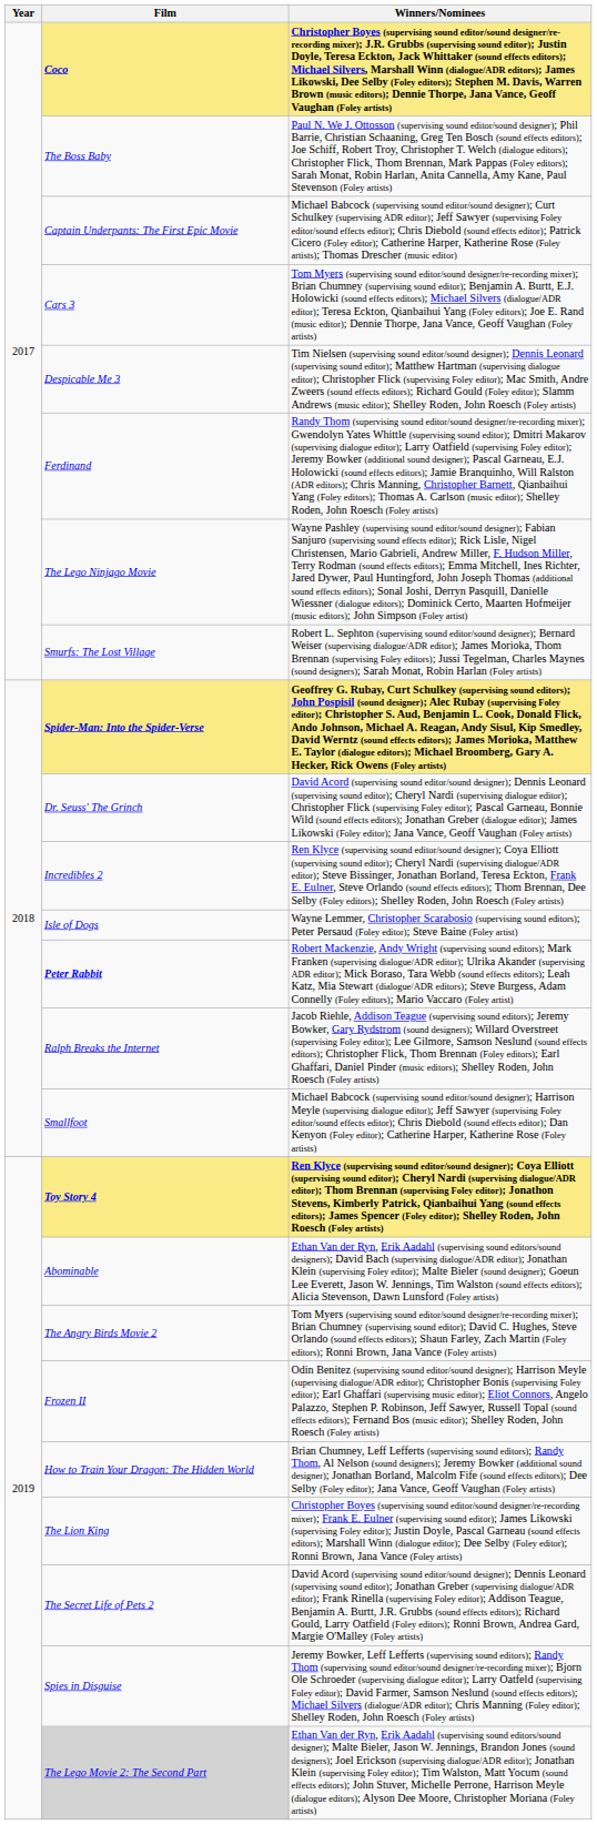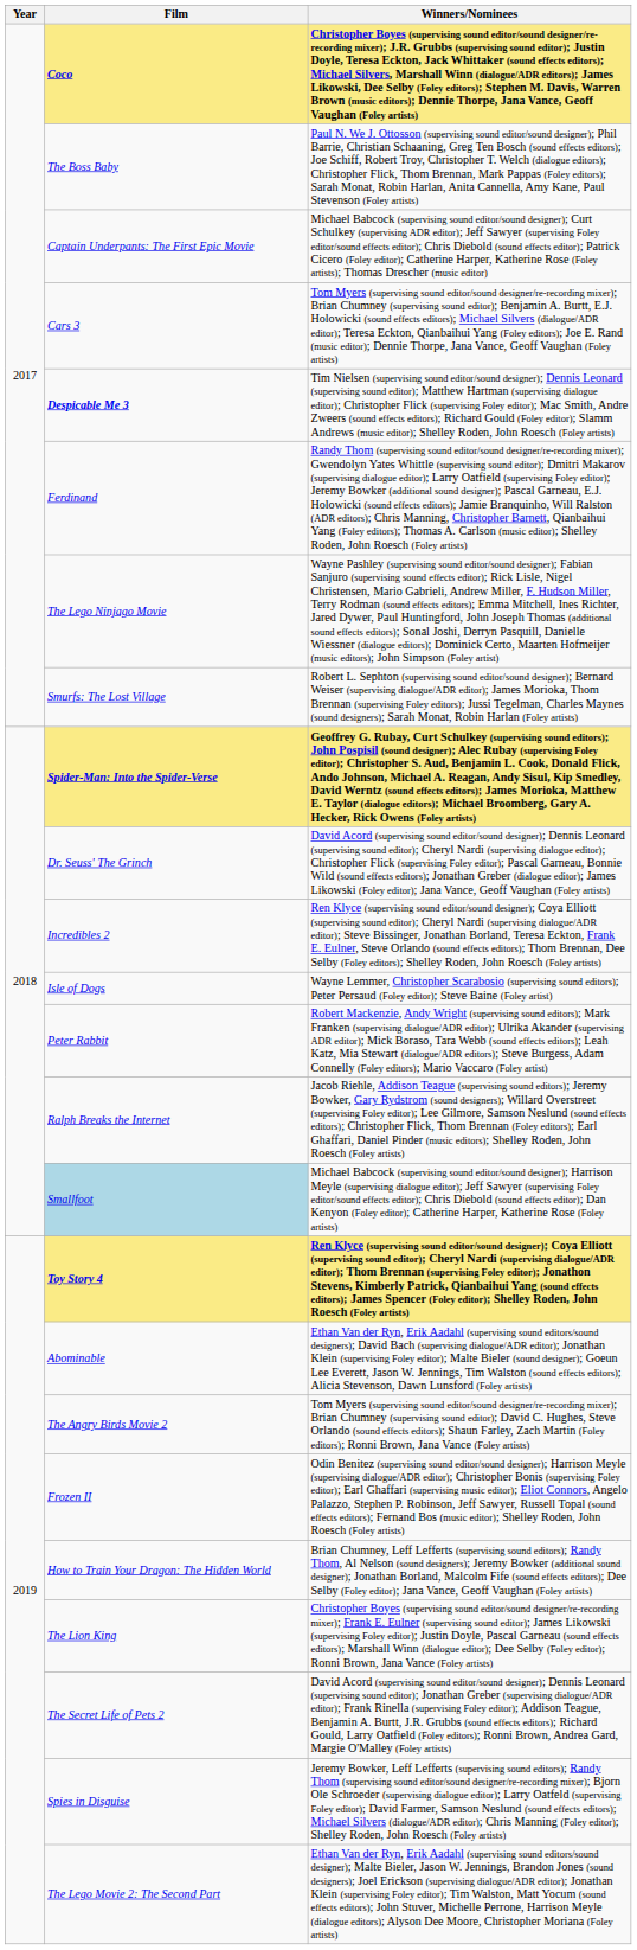 <table class="wikitable" width="95%" cellpadding="5">
 <tr>
 <th width="6%">Year</th>
 <th width="40%">Film</th>
 <th width="49%">Winners/Nominees</th>
 </tr>
 <tr>
 <td rowspan=8 style="text-align:center">2017<br></td>
 <td style="background:#FAEB86;"><strong><em><a href='#'>Coco</a></em></strong></td>
 <td style="background:#FAEB86;"><strong><a href='#'>Christopher Boyes</a> <small>(supervising sound editor/sound designer/re-recording mixer)</small>; J.R. Grubbs <small>(supervising sound editor)</small>; Justin Doyle, Teresa Eckton, Jack Whittaker <small>(sound effects editors)</small>; <a href='#'>Michael Silvers</a>, Marshall Winn <small>(dialogue/ADR editors)</small>; James Likowski, Dee Selby <small>(Foley editors)</small>; Stephen M. Davis, Warren Brown <small>(music editors)</small>; Dennie Thorpe, Jana Vance, Geoff Vaughan <small>(Foley artists)</small></strong></td>
 </tr>
 <tr>
 <td><em><a href='#'>The Boss Baby</a></em></td>
 <td><a href='#'>Paul N. We J. Ottosson</a> <small>(supervising sound editor/sound designer)</small>; Phil Barrie, Christian Schaaning, Greg Ten Bosch <small>(sound effects editors)</small>; Joe Schiff, Robert Troy, Christopher T. Welch <small>(dialogue editors)</small>; Christopher Flick, Thom Brennan, Mark Pappas <small>(Foley editors)</small>; Sarah Monat, Robin Harlan, Anita Cannella, Amy Kane, Paul Stevenson <small>(Foley artists)</small></td>
 </tr>
 <tr>
 <td><em><a href='#'>Captain Underpants: The First Epic Movie</a></em></td>
 <td>Michael Babcock <small>(supervising sound editor/sound designer)</small>; Curt Schulkey <small>(supervising ADR editor)</small>; Jeff Sawyer <small>(supervising Foley editor/sound effects editor)</small>; Chris Diebold <small>(sound effects editor)</small>; Patrick Cicero <small>(Foley editor)</small>; Catherine Harper, Katherine Rose <small>(Foley artists)</small>; Thomas Drescher <small>(music editor)</small></td>
 </tr>
 <tr>
 <td><em><a href='#'>Cars 3</a></em></td>
 <td><a href='#'>Tom Myers</a> <small>(supervising sound editor/sound designer/re-recording mixer)</small>; Brian Chumney <small>(supervising sound editor)</small>; Benjamin A. Burtt, E.J. Holowicki <small>(sound effects editors)</small>; <a href='#'>Michael Silvers</a> <small>(dialogue/ADR editor)</small>; Teresa Eckton, Qianbaihui Yang <small>(Foley editors)</small>; Joe E. Rand <small>(music editor)</small>; Dennie Thorpe, Jana Vance, Geoff Vaughan <small>(Foley artists)</small></td>
 </tr>
 <tr>
-<td><em><a href='#'>Despicable Me 3</a></em></td>
+<td><strong><em><a href='#'>Despicable Me 3</a></em></strong></td>
 <td>Tim Nielsen <small>(supervising sound editor/sound designer)</small>; <a href='#'>Dennis Leonard</a> <small>(supervising sound editor)</small>; Matthew Hartman <small>(supervising dialogue editor)</small>; Christopher Flick <small>(supervising Foley editor)</small>; Mac Smith, Andre Zweers <small>(sound effects editors)</small>; Richard Gould <small>(Foley editor)</small>; Slamm Andrews <small>(music editor)</small>; Shelley Roden, John Roesch <small>(Foley artists)</small></td>
 </tr>
 <tr>
 <td><em><a href='#'>Ferdinand</a></em></td>
 <td><a href='#'>Randy Thom</a> <small>(supervising sound editor/sound designer/re-recording mixer)</small>; Gwendolyn Yates Whittle <small>(supervising sound editor)</small>; Dmitri Makarov <small>(supervising dialogue editor)</small>; Larry Oatfield <small>(supervising Foley editor)</small>; Jeremy Bowker <small>(additional sound designer)</small>; Pascal Garneau, E.J. Holowicki <small>(sound effects editors)</small>; Jamie Branquinho, Will Ralston <small>(ADR editors)</small>; Chris Manning, <a href='#'>Christopher Barnett</a>, Qianbaihui Yang <small>(Foley editors)</small>;  Thomas A. Carlson <small>(music editor)</small>; Shelley Roden, John Roesch <small>(Foley artists)</small></td>
 </tr>
 <tr>
 <td><em><a href='#'>The Lego Ninjago Movie</a></em></td>
 <td>Wayne Pashley <small>(supervising sound editor/sound designer)</small>; Fabian Sanjuro <small>(supervising sound effects editor)</small>; Rick Lisle, Nigel Christensen, Mario Gabrieli, Andrew Miller, <a href='#'>F. Hudson Miller</a>, Terry Rodman <small>(sound effects editors)</small>; Emma Mitchell, Ines Richter, Jared Dywer, Paul Huntingford, John Joseph Thomas <small>(additional sound effects editors)</small>; Sonal Joshi, Derryn Pasquill, Danielle Wiessner <small>(dialogue editors)</small>; Dominick Certo, Maarten Hofmeijer <small>(music editors)</small>; John Simpson <small>(Foley artist)</small></td>
 </tr>
 <tr>
 <td><em><a href='#'>Smurfs: The Lost Village</a></em></td>
 <td>Robert L. Sephton <small>(supervising sound editor/sound designer)</small>; Bernard Weiser <small>(supervising dialogue/ADR editor)</small>; James Morioka, Thom Brennan <small>(supervising Foley editors)</small>; Jussi Tegelman, Charles Maynes <small>(sound designers)</small>; Sarah Monat, Robin Harlan <small>(Foley artists)</small></td>
 </tr>
 <tr>
 <td rowspan=7 style="text-align:center">2018<br></td>
 <td style="background:#FAEB86;"><strong><em><a href='#'>Spider-Man: Into the Spider-Verse</a></em></strong></td>
 <td style="background:#FAEB86;"><strong>Geoffrey G. Rubay, Curt Schulkey <small>(supervising sound editors)</small>; <a href='#'>John Pospisil</a> <small>(sound designer)</small>; Alec Rubay <small>(supervising Foley editor)</small>; Christopher S. Aud, Benjamin L. Cook, Donald Flick, Ando Johnson, Michael A. Reagan, Andy Sisul, Kip Smedley, David Werntz <small>(sound effects editors)</small>; James Morioka, Matthew E. Taylor <small>(dialogue editors)</small>; Michael Broomberg, Gary A. Hecker, Rick Owens <small>(Foley artists)</small></strong></td>
 </tr>
 <tr>
 <td><em><a href='#'>Dr. Seuss' The Grinch</a></em></td>
 <td><a href='#'>David Acord</a> <small>(supervising sound editor/sound designer)</small>; Dennis Leonard <small>(supervising sound editor)</small>; Cheryl Nardi <small>(supervising dialogue editor)</small>; Christopher Flick <small>(supervising Foley editor)</small>; Pascal Garneau, Bonnie Wild <small>(sound effects editors)</small>; Jonathan Greber <small>(dialogue editor)</small>; James Likowski <small>(Foley editor)</small>; Jana Vance, Geoff Vaughan <small>(Foley artists)</small></td>
 </tr>
 <tr>
 <td><em><a href='#'>Incredibles 2</a></em></td>
 <td><a href='#'>Ren Klyce</a> <small>(supervising sound editor/sound designer)</small>; Coya Elliott <small>(supervising sound editor)</small>; Cheryl Nardi <small>(supervising dialogue/ADR editor)</small>; Steve Bissinger, Jonathan Borland, Teresa Eckton, <a href='#'>Frank E. Eulner</a>, Steve Orlando <small>(sound effects editors)</small>; Thom Brennan, Dee Selby <small>(Foley editors)</small>; Shelley Roden, John Roesch <small>(Foley artists)</small></td>
 </tr>
 <tr>
 <td><em><a href='#'>Isle of Dogs</a></em></td>
 <td>Wayne Lemmer, <a href='#'>Christopher Scarabosio</a> <small>(supervising sound editors)</small>; Peter Persaud <small>(Foley editor)</small>; Steve Baine <small>(Foley artist)</small></td>
 </tr>
 <tr>
-<td><strong><em><a href='#'>Peter Rabbit</a></em></strong></td>
+<td><em><a href='#'>Peter Rabbit</a></em></td>
 <td><a href='#'>Robert Mackenzie</a>, <a href='#'>Andy Wright</a> <small>(supervising sound editors)</small>; Mark Franken <small>(supervising dialogue/ADR editor)</small>; Ulrika Akander <small>(supervising ADR editor)</small>; Mick Boraso, Tara Webb <small>(sound effects editors)</small>; Leah Katz, Mia Stewart <small>(dialogue/ADR editors)</small>; Steve Burgess, Adam Connelly <small>(Foley editors)</small>; Mario Vaccaro <small>(Foley artist)</small></td>
 </tr>
 <tr>
 <td><em><a href='#'>Ralph Breaks the Internet</a></em></td>
 <td>Jacob Riehle, <a href='#'>Addison Teague</a> <small>(supervising sound editors)</small>; Jeremy Bowker, <a href='#'>Gary Rydstrom</a> <small>(sound designers)</small>; Willard Overstreet <small>(supervising Foley editor)</small>; Lee Gilmore, Samson Neslund <small>(sound effects editors)</small>; Christopher Flick, Thom Brennan <small>(Foley editors)</small>; Earl Ghaffari, Daniel Pinder <small>(music editors)</small>; Shelley Roden, John Roesch <small>(Foley artists)</small></td>
 </tr>
 <tr>
-<td><em><a href='#'>Smallfoot</a></em></td>
+<td style="background: lightblue;"><em><a href='#'>Smallfoot</a></em></td>
 <td>Michael Babcock <small>(supervising sound editor/sound designer)</small>; Harrison Meyle <small>(supervising dialogue editor)</small>; Jeff Sawyer <small>(supervising Foley editor/sound effects editor)</small>; Chris Diebold <small>(sound effects editor)</small>; Dan Kenyon <small>(Foley editor)</small>; Catherine Harper, Katherine Rose <small>(Foley artists)</small></td>
 </tr>
 <tr>
 <td rowspan=9 style="text-align:center">2019<br></td>
 <td style="background:#FAEB86;"><strong><em><a href='#'>Toy Story 4</a></em></strong></td>
 <td style="background:#FAEB86;"><strong><a href='#'>Ren Klyce</a> <small>(supervising sound editor/sound designer)</small>; Coya Elliott <small>(supervising sound editor)</small>;  Cheryl Nardi <small>(supervising dialogue/ADR editor)</small>; Thom Brennan <small>(supervising Foley editor)</small>; Jonathon Stevens, Kimberly Patrick, Qianbaihui Yang <small>(sound effects editors)</small>; James Spencer <small>(Foley editor)</small>; Shelley Roden, John Roesch <small>(Foley artists)</small></strong></td>
 </tr>
 <tr>
 <td><em><a href='#'>Abominable</a></em></td>
 <td><a href='#'>Ethan Van der Ryn</a>, <a href='#'>Erik Aadahl</a> <small>(supervising sound editors/sound designers)</small>; David Bach <small>(supervising dialogue/ADR editor)</small>; Jonathan Klein <small>(supervising Foley editor)</small>; Malte Bieler <small>(sound designer)</small>; Goeun Lee Everett, Jason W. Jennings, Tim Walston <small>(sound effects editors)</small>; Alicia Stevenson, Dawn Lunsford <small>(Foley artists)</small></td>
 </tr>
 <tr>
 <td><em><a href='#'>The Angry Birds Movie 2</a></em></td>
 <td>Tom Myers <small>(supervising sound editor/sound designer/re-recording mixer)</small>; Brian Chumney <small>(supervising sound editor)</small>; David C. Hughes, Steve Orlando <small>(sound effects editors)</small>; Shaun Farley, Zach Martin <small>(Foley editors)</small>; Ronni Brown, Jana Vance <small>(Foley artists)</small></td>
 </tr>
 <tr>
 <td><em><a href='#'>Frozen II</a></em></td>
 <td>Odin Benitez <small>(supervising sound editor/sound designer)</small>; Harrison Meyle <small>(supervising dialogue/ADR editor)</small>; Christopher Bonis <small>(supervising Foley editor)</small>; Earl Ghaffari <small>(supervising music editor)</small>; <a href='#'>Eliot Connors</a>, Angelo Palazzo, Stephen P. Robinson, Jeff Sawyer, Russell Topal <small>(sound effects editors)</small>; Fernand Bos <small>(music editor)</small>; Shelley Roden, John Roesch <small>(Foley artists)</small></td>
 </tr>
 <tr>
 <td><em><a href='#'>How to Train Your Dragon: The Hidden World</a></em></td>
 <td>Brian Chumney, Leff Lefferts <small>(supervising sound editors)</small>; <a href='#'>Randy Thom</a>, Al Nelson <small>(sound designers)</small>; Jeremy Bowker <small>(additional sound designer)</small>; Jonathan Borland, Malcolm Fife <small>(sound effects editors)</small>; Dee Selby <small>(Foley editor)</small>; Jana Vance, Geoff Vaughan <small>(Foley artists)</small></td>
 </tr>
 <tr>
 <td><em><a href='#'>The Lion King</a></em></td>
 <td><a href='#'>Christopher Boyes</a> <small>(supervising sound editor/sound designer/re-recording mixer)</small>; <a href='#'>Frank E. Eulner</a> <small>(supervising sound editor)</small>; James Likowski <small>(supervising Foley editor)</small>; Justin Doyle, Pascal Garneau <small>(sound effects editors)</small>; Marshall Winn <small>(dialogue editor)</small>; Dee Selby <small>(Foley editor)</small>; Ronni Brown, Jana Vance <small>(Foley artists)</small></td>
 </tr>
 <tr>
 <td><em><a href='#'>The Secret Life of Pets 2</a></em></td>
 <td>David Acord <small>(supervising sound editor/sound designer)</small>; Dennis Leonard <small>(supervising sound editor)</small>; Jonathan Greber <small>(supervising dialogue/ADR editor)</small>; Frank Rinella <small>(supervising Foley editor)</small>; Addison Teague, Benjamin A. Burtt, J.R. Grubbs <small>(sound effects editors)</small>; Richard Gould, Larry Oatfield <small>(Foley editors)</small>; Ronni Brown, Andrea Gard, Margie O'Malley <small>(Foley artists)</small></td>
 </tr>
 <tr>
 <td><em><a href='#'>Spies in Disguise</a></em></td>
 <td>Jeremy Bowker, Leff Lefferts <small>(supervising sound editors)</small>; <a href='#'>Randy Thom</a> <small>(supervising sound editor/sound designer/re-recording mixer)</small>; Bjorn Ole Schroeder <small>(supervising dialogue editor)</small>; Larry Oatfeld <small>(supervising Foley editor)</small>; David Farmer, Samson Neslund <small>(sound effects editors)</small>; <a href='#'>Michael Silvers</a> <small>(dialogue/ADR editor)</small>; Chris Manning <small>(Foley editor)</small>; Shelley Roden, John Roesch <small>(Foley artists)</small></td>
 </tr>
 <tr>
-<td style="background: lightgrey;"><em><a href='#'>The Lego Movie 2: The Second Part</a></em></td>
+<td><em><a href='#'>The Lego Movie 2: The Second Part</a></em></td>
 <td><a href='#'>Ethan Van der Ryn</a>, <a href='#'>Erik Aadahl</a> <small>(supervising sound editors/sound designer)</small>; Malte Bieler, Jason W. Jennings, Brandon Jones <small>(sound designers)</small>; Joel Erickson <small>(supervising dialogue/ADR editor)</small>; Jonathan Klein <small>(supervising Foley editor)</small>; Tim Walston, Matt Yocum <small>(sound effects editors)</small>; John Stuver, Michelle Perrone, Harrison Meyle <small>(dialogue editors)</small>; Alyson Dee Moore, Christopher Moriana <small>(Foley artists)</small></td>
 </tr>
 </table>
